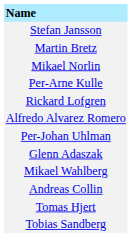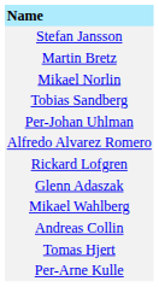 <table border=0 cellpadding=2 cellspacing=0  |- bgcolor=#F2F2F2 style="text-align:center; font-size:90%;">
 <tr bgcolor=#ADEBFD>
 <th align=left>Name</th>
 </tr>
 <tr>
 <td><a href='#'>Stefan Jansson</a></td>
 </tr>
 <tr>
 <td><a href='#'>Martin Bretz</a></td>
 </tr>
 <tr>
 <td><a href='#'>Mikael Norlin</a></td>
 </tr>
 <tr>
-<td><a href='#'>Per-Arne Kulle</a></td>
+<td><a href='#'>Tobias Sandberg</a></td>
 </tr>
 <tr>
-<td><a href='#'>Rickard Lofgren</a></td>
+<td><a href='#'>Per-Johan Uhlman</a></td>
 </tr>
 <tr>
 <td><a href='#'>Alfredo Alvarez Romero</a></td>
 </tr>
 <tr>
-<td><a href='#'>Per-Johan Uhlman</a></td>
+<td><a href='#'>Rickard Lofgren</a></td>
 </tr>
 <tr>
 <td><a href='#'>Glenn Adaszak</a></td>
 </tr>
 <tr>
 <td><a href='#'>Mikael Wahlberg</a></td>
 </tr>
 <tr>
 <td><a href='#'>Andreas Collin</a></td>
 </tr>
 <tr>
 <td><a href='#'>Tomas Hjert</a></td>
 </tr>
 <tr>
-<td><a href='#'>Tobias Sandberg</a></td>
+<td><a href='#'>Per-Arne Kulle</a></td>
 </tr>
 </table>
